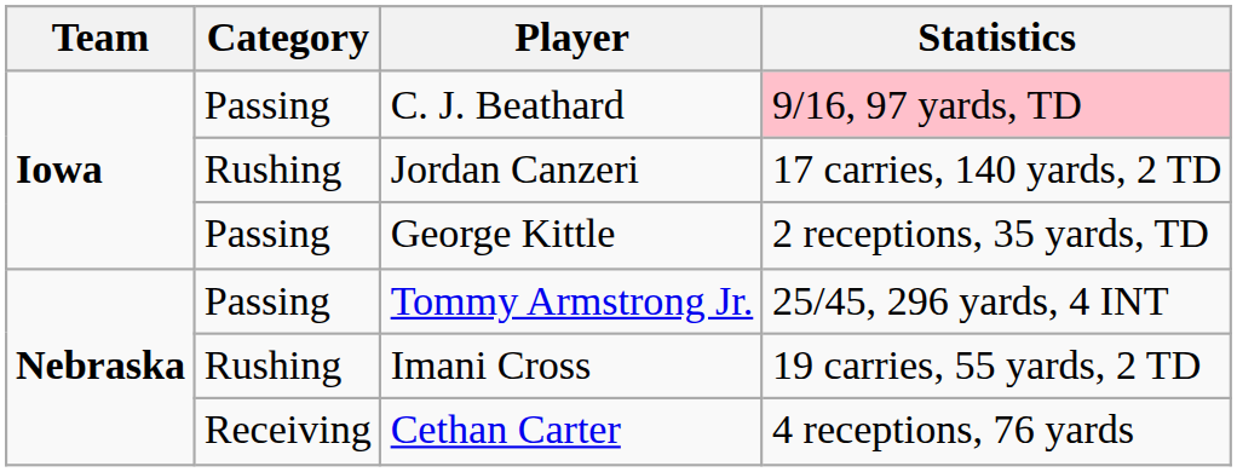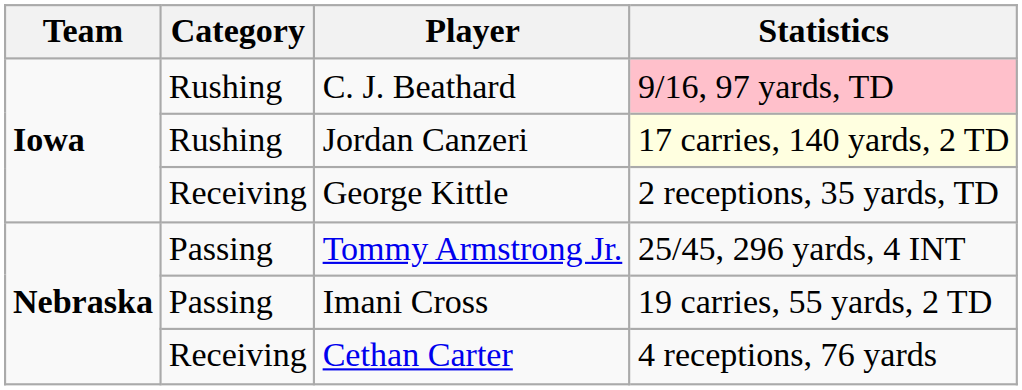 <table class="wikitable" style="float: left;">
 <tr>
 <th>Team</th>
 <th>Category</th>
 <th>Player</th>
 <th>Statistics</th>
 </tr>
 <tr>
 <td rowspan=3><strong>Iowa</strong></td>
-<td>Passing</td>
+<td>Rushing</td>
 <td>C. J. Beathard</td>
 <td style="background: pink;">9/16, 97 yards, TD</td>
 </tr>
 <tr>
 <td>Rushing</td>
 <td>Jordan Canzeri</td>
-<td>17 carries, 140 yards, 2 TD</td>
+<td style="background: lightyellow;">17 carries, 140 yards, 2 TD</td>
 </tr>
 <tr>
-<td>Passing</td>
+<td>Receiving</td>
 <td>George Kittle</td>
 <td>2 receptions, 35 yards, TD</td>
 </tr>
 <tr>
 <td rowspan=3><strong>Nebraska</strong></td>
 <td>Passing</td>
 <td><a href='#'>Tommy Armstrong Jr.</a></td>
 <td>25/45, 296 yards, 4 INT</td>
 </tr>
 <tr>
-<td>Rushing</td>
+<td>Passing</td>
 <td>Imani Cross</td>
 <td>19 carries, 55 yards, 2 TD</td>
 </tr>
 <tr>
 <td>Receiving</td>
 <td><a href='#'>Cethan Carter</a></td>
 <td>4 receptions, 76 yards</td>
 </tr>
 </table>
